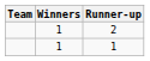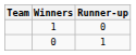 <table class="wikitable" style="text-align:center;">
 <tr>
 <th>Team</th>
 <th>Winners</th>
 <th>Runner-up</th>
 </tr>
 <tr>
 <td align="left"></td>
 <td>1</td>
-<td>2</td>
+<td>0</td>
 </tr>
 <tr>
 <td align="left"></td>
-<td>1</td>
+<td>0</td>
 <td>1</td>
 </tr>
 </table>
